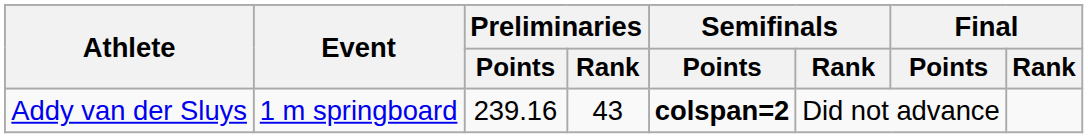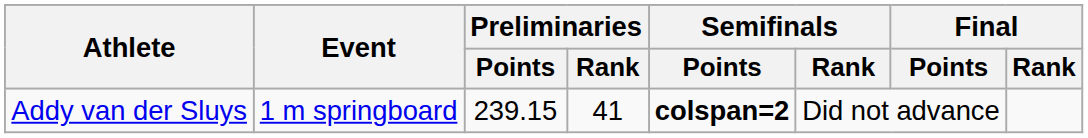 <table class=wikitable style="font-size:90%;">
 <tr>
 <th rowspan="2">Athlete</th>
 <th rowspan="2">Event</th>
 <th colspan="2">Preliminaries</th>
 <th colspan="2">Semifinals</th>
 <th colspan="2">Final</th>
 </tr>
 <tr style="font-size:95%">
 <th>Points</th>
 <th>Rank</th>
 <th>Points</th>
 <th>Rank</th>
 <th>Points</th>
 <th>Rank</th>
 </tr>
 <tr align=center>
 <td align=left><a href='#'>Addy van der Sluys</a></td>
 <td align=left><a href='#'>1 m springboard</a></td>
-<td>239.16</td>
-<td>43</td>
+<td>239.15</td>
+<td>41</td>
 <td><strong>colspan=2 </strong></td>
 <td colspan=2>Did not advance</td>
 </tr>
 </table>
